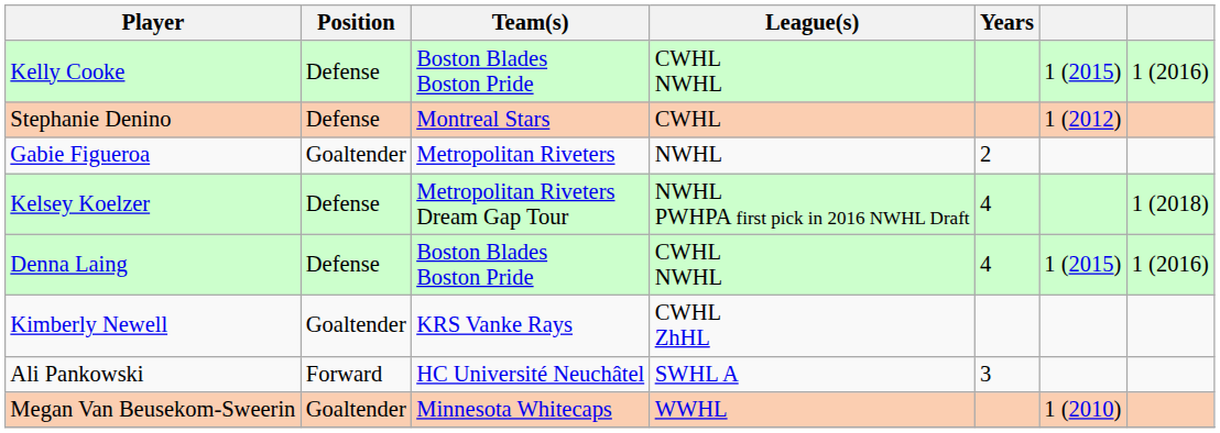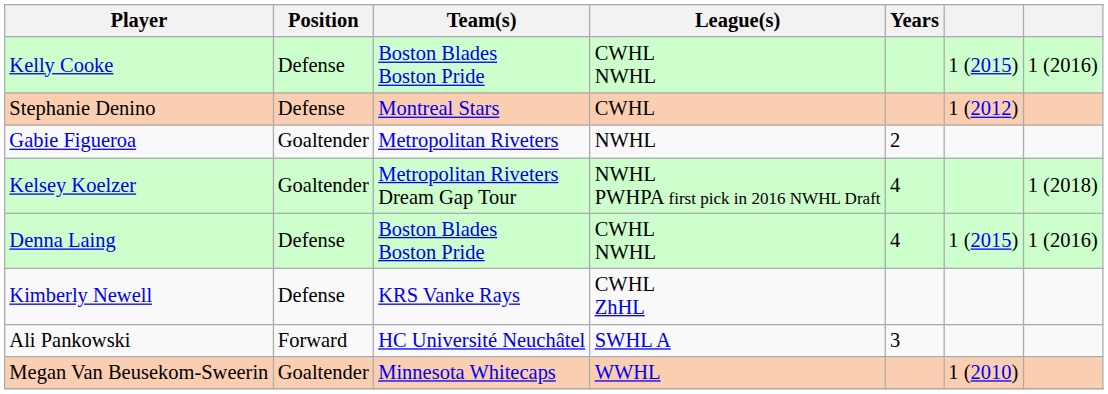 <table class="wikitable sortable">
 <tr>
 <th>Player</th>
 <th>Position</th>
 <th>Team(s)</th>
 <th>League(s)</th>
 <th>Years</th>
 <th><a href='#'></a></th>
 <th><a href='#'></a></th>
 </tr>
 <tr bgcolor= CCFFCC>
 <td><a href='#'>Kelly Cooke</a></td>
 <td>Defense</td>
 <td><a href='#'>Boston Blades</a><br><a href='#'>Boston Pride</a></td>
 <td>CWHL<br>NWHL</td>
 <td></td>
 <td>1 (<a href='#'>2015</a>)</td>
 <td>1 (2016)</td>
 </tr>
 <tr bgcolor= FBCEB1>
 <td>Stephanie Denino</td>
 <td>Defense</td>
 <td><a href='#'>Montreal Stars</a></td>
 <td>CWHL</td>
 <td></td>
 <td>1 (<a href='#'>2012</a>)</td>
 <td></td>
 </tr>
 <tr bgcolor=>
 <td><a href='#'>Gabie Figueroa</a></td>
 <td>Goaltender</td>
 <td><a href='#'>Metropolitan Riveters</a></td>
 <td>NWHL</td>
 <td>2</td>
 <td></td>
 <td></td>
 </tr>
 <tr bgcolor=CCFFCC>
 <td><a href='#'>Kelsey Koelzer</a></td>
-<td>Defense</td>
+<td>Goaltender</td>
 <td><a href='#'>Metropolitan Riveters</a><br>Dream Gap Tour</td>
 <td>NWHL<br>PWHPA <small>first pick in 2016 NWHL Draft</small></td>
 <td>4</td>
 <td></td>
 <td>1 (2018)</td>
 </tr>
 <tr bgcolor= CCFFCC>
 <td><a href='#'>Denna Laing</a></td>
 <td>Defense</td>
 <td><a href='#'>Boston Blades</a><br><a href='#'>Boston Pride</a></td>
 <td>CWHL<br>NWHL</td>
 <td>4</td>
 <td>1 (<a href='#'>2015</a>)</td>
 <td>1 (2016)</td>
 </tr>
 <tr bgcolor=>
 <td><a href='#'>Kimberly Newell</a></td>
-<td>Goaltender</td>
+<td>Defense</td>
 <td><a href='#'>KRS Vanke Rays</a></td>
 <td>CWHL<br><a href='#'>ZhHL</a></td>
 <td></td>
 <td></td>
 <td></td>
 </tr>
 <tr bgcolor=>
 <td>Ali Pankowski</td>
 <td>Forward</td>
 <td><a href='#'>HC Université Neuchâtel</a></td>
 <td><a href='#'>SWHL A</a></td>
 <td>3</td>
 <td></td>
 <td></td>
 </tr>
 <tr bgcolor= FBCEB1>
 <td>Megan Van Beusekom-Sweerin</td>
 <td>Goaltender</td>
 <td><a href='#'>Minnesota Whitecaps</a></td>
 <td><a href='#'>WWHL</a></td>
 <td></td>
 <td>1 (<a href='#'>2010</a>)</td>
 <td></td>
 </tr>
 <tr align="center" bgcolor="">
 </tr>
 </table>
